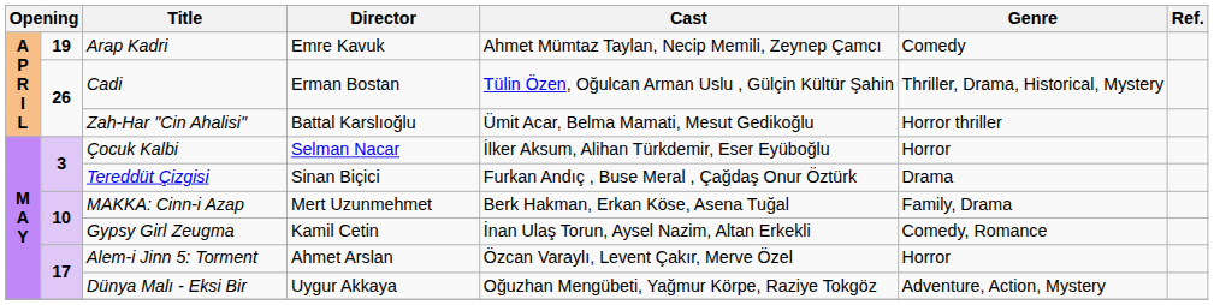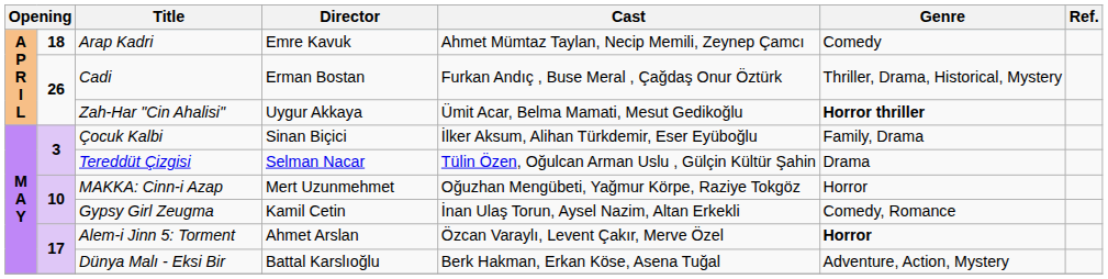 <table class="wikitable sortable">
 <tr style="background:#b0e0e6; text-align:center;">
 <th colspan="2">Opening</th>
 <th style="width:17%;">Title</th>
 <th style="width:16%;">Director</th>
 <th>Cast</th>
 <th>Genre</th>
 <th>Ref.</th>
 </tr>
 <tr>
 <th rowspan="3" style="text-align:center; background:#f7bf87; ">A<br>P<br>R<br>I<br>L</th>
-<td rowspan="1" style="text-align:center" style="text-align:center; background:#f7dfc7"><strong>19</strong></td>
+<td rowspan="1" style="text-align:center" style="text-align:center; background:#f7dfc7"><strong>18</strong></td>
 <td><em>Arap Kadri</em></td>
 <td>Emre Kavuk</td>
 <td>Ahmet Mümtaz Taylan, Necip Memili, Zeynep Çamcı</td>
 <td>Comedy</td>
 <td align="center"></td>
 </tr>
 <tr>
 <td rowspan="2" style="text-align:center" style="text-align:center; background:#f7dfc7"><strong>26</strong></td>
 <td><em>Cadi</em></td>
 <td>Erman Bostan</td>
-<td><a href='#'>Tülin Özen</a>, Oğulcan Arman Uslu , Gülçin Kültür Şahin</td>
+<td>Furkan Andıç , Buse Meral , Çağdaş Onur Öztürk</td>
 <td>Thriller, Drama, Historical, Mystery</td>
 <td align="center"></td>
 </tr>
 <tr>
 <td><em>Zah-Har "Cin Ahalisi"</em></td>
-<td>Battal Karslıoğlu</td>
+<td>Uygur Akkaya</td>
 <td>Ümit Acar, Belma Mamati, Mesut Gedikoğlu</td>
-<td>Horror thriller</td>
+<td><strong>Horror thriller</strong></td>
 <td align="center"></td>
 </tr>
 <tr>
 <th rowspan="6" style="text-align:center; background:#bf87f7; textcolor:#000;">M<br>A<br>Y</th>
 <td rowspan="2" style="text-align:center;background:#dfc7f7"><strong>3</strong></td>
 <td><em>Çocuk Kalbi</em></td>
-<td><a href='#'>Selman Nacar</a></td>
+<td>Sinan Biçici</td>
 <td>İlker Aksum, Alihan Türkdemir, Eser Eyüboğlu</td>
-<td>Horror</td>
+<td>Family, Drama</td>
 <td></td>
 </tr>
 <tr>
 <td><em><a href='#'>Tereddüt Çizgisi</a></em></td>
-<td>Sinan Biçici</td>
-<td>Furkan Andıç , Buse Meral , Çağdaş Onur Öztürk</td>
+<td><a href='#'>Selman Nacar</a></td>
+<td><a href='#'>Tülin Özen</a>, Oğulcan Arman Uslu , Gülçin Kültür Şahin</td>
 <td>Drama</td>
 <td></td>
 </tr>
 <tr>
 <td rowspan="2" style="text-align:center;background:#dfc7f7"><strong>10</strong></td>
 <td><em>MAKKA: Cinn-i Azap</em></td>
 <td>Mert Uzunmehmet</td>
-<td>Berk Hakman, Erkan Köse, Asena Tuğal</td>
-<td>Family, Drama</td>
+<td>Oğuzhan Mengübeti, Yağmur Körpe, Raziye Tokgöz</td>
+<td>Horror</td>
 <td></td>
 </tr>
 <tr>
 <td><em>Gypsy Girl Zeugma</em></td>
 <td>Kamil Cetin</td>
 <td>İnan Ulaş Torun, Aysel Nazim, Altan Erkekli</td>
 <td>Comedy, Romance</td>
 <td></td>
 </tr>
 <tr>
 <td rowspan="2" style="text-align:center;background:#dfc7f7"><strong>17</strong></td>
 <td><em>Alem-i Jinn 5: Torment</em></td>
 <td>Ahmet Arslan</td>
 <td>Özcan Varaylı, Levent Çakır, Merve Özel</td>
-<td>Horror</td>
+<td><strong>Horror</strong></td>
 <td></td>
 </tr>
 <tr>
 <td><em>Dünya Malı - Eksi Bir</em></td>
-<td>Uygur Akkaya</td>
-<td>Oğuzhan Mengübeti, Yağmur Körpe, Raziye Tokgöz</td>
+<td>Battal Karslıoğlu</td>
+<td>Berk Hakman, Erkan Köse, Asena Tuğal</td>
 <td>Adventure, Action, Mystery</td>
 <td></td>
 </tr>
 <tr>
 </tr>
 </table>
